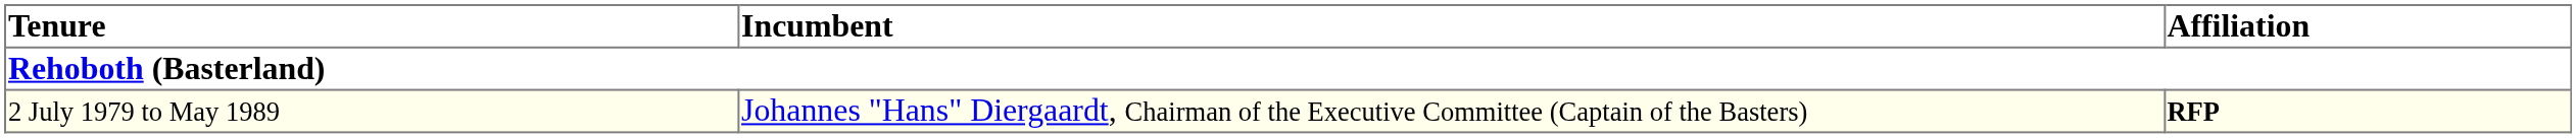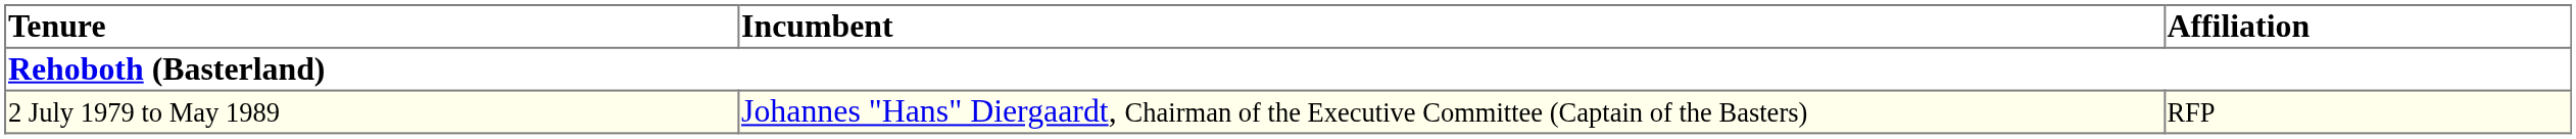 <table border=1 style="border-collapse: collapse">
 <tr align=left>
 <th width="18%">Tenure</th>
 <th width="35%">Incumbent</th>
 <th width="10%">Affiliation</th>
 </tr>
 <tr valign=top>
 <td colspan="4"><strong><a href='#'>Rehoboth</a> (Basterland)</strong></td>
 </tr>
 <tr valign=top bgcolor="#ffffec">
 <td><small>2 July 1979 to May 1989</small></td>
 <td><a href='#'>Johannes "Hans" Diergaardt</a>, <small>Chairman of the Executive Committee (Captain of the Basters)</small></td>
-<td><strong><small>RFP</small></strong></td>
+<td><small>RFP</small></td>
 </tr>
 </table>
